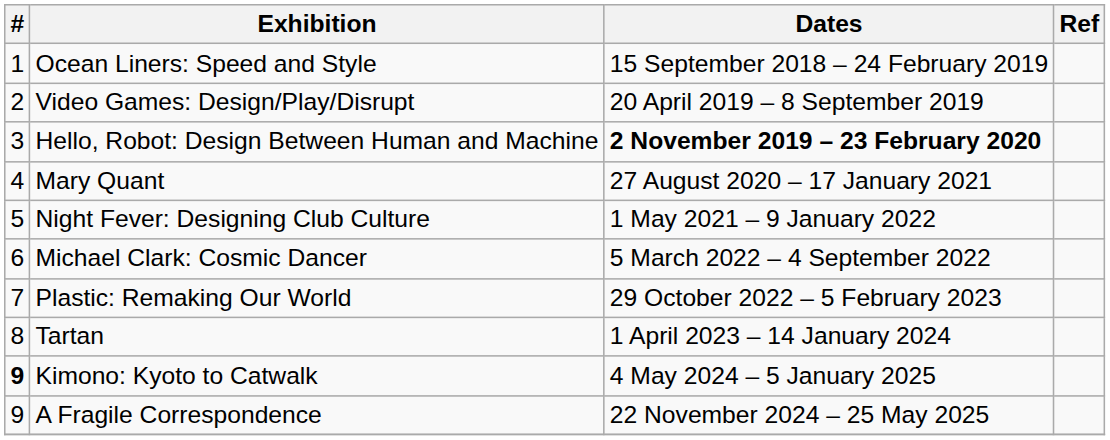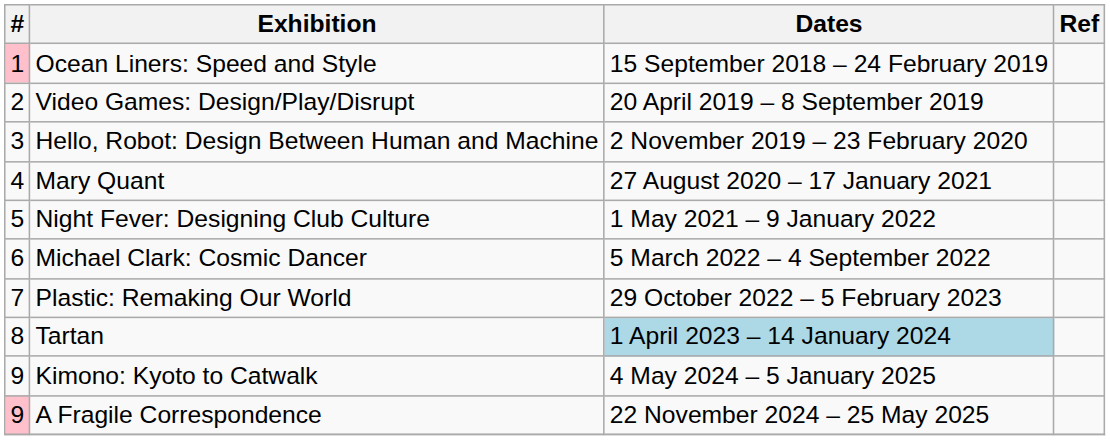 <table class="wikitable">
 <tr>
 <th>#</th>
 <th>Exhibition</th>
 <th>Dates</th>
 <th><strong>Ref</strong></th>
 </tr>
 <tr>
-<td>1</td>
+<td style="background: pink;">1</td>
 <td>Ocean Liners: Speed and Style</td>
 <td>15 September 2018 – 24 February 2019</td>
 <td></td>
 </tr>
 <tr>
 <td>2</td>
 <td>Video Games: Design/Play/Disrupt</td>
 <td>20 April 2019 – 8 September 2019</td>
 <td></td>
 </tr>
 <tr>
 <td>3</td>
 <td>Hello, Robot: Design Between Human and Machine</td>
-<td><strong>2 November 2019 – 23 February 2020</strong></td>
+<td>2 November 2019 – 23 February 2020</td>
 <td></td>
 </tr>
 <tr>
 <td>4</td>
 <td>Mary Quant</td>
 <td>27 August 2020 – 17 January 2021</td>
 <td></td>
 </tr>
 <tr>
 <td>5</td>
 <td>Night Fever: Designing Club Culture</td>
 <td>1 May 2021 – 9 January 2022</td>
 <td></td>
 </tr>
 <tr>
 <td>6</td>
 <td>Michael Clark: Cosmic Dancer</td>
 <td>5 March 2022 – 4 September 2022</td>
 <td></td>
 </tr>
 <tr>
 <td>7</td>
 <td>Plastic: Remaking Our World</td>
 <td>29 October 2022 – 5 February 2023</td>
 <td></td>
 </tr>
 <tr>
 <td>8</td>
 <td>Tartan</td>
-<td>1 April 2023 – 14 January 2024</td>
+<td style="background: lightblue;">1 April 2023 – 14 January 2024</td>
 <td></td>
 </tr>
 <tr>
-<td><strong>9</strong></td>
+<td>9</td>
 <td>Kimono: Kyoto to Catwalk</td>
 <td>4 May 2024 – 5 January 2025</td>
 <td></td>
 </tr>
 <tr>
-<td>9</td>
+<td style="background: pink;">9</td>
 <td>A Fragile Correspondence</td>
 <td>22 November 2024 – 25 May 2025</td>
 <td></td>
 </tr>
 <tr>
 </tr>
 </table>
